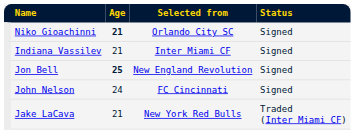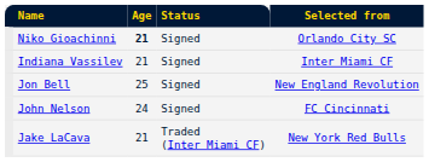 <table cellpadding="5" cellspacing="0" style="color:#001837; font-size:90%; text-align:center; border: 0; background-color:#f4f4f4;">
 <tr>
 <th style="border: 0; border-left: 9px solid #001837; background:#001837; color:#ffd901; text-align:left;border-top-left-radius: 10px;">Name</th>
 <th style="background:#001837; color:#ffd901; text-align:center; border: 0;">Age</th>
+<th style="background:#001837; color:#ffd901; text-align:left; border: 0; border-top-right-radius: 10px;">Status</th>
 <th style="background:#001837; color:#ffd901; text-align:center; border: 0;">Selected from</th>
-<th style="background:#001837; color:#ffd901; text-align:left; border: 0; border-top-right-radius: 10px;">Status</th>
 </tr>
 <tr>
 <td align="left" style="border-bottom:1px solid #dfdfdf; border-left: 9px solid #ececec"> <a href='#'>Niko Gioachinni</a></td>
 <td style="border-bottom:1px solid #dfdfdf; white-space: nowrap;" align="center"><strong>21</strong></td>
+<td style="border-bottom:1px solid #dfdfdf; white-space: nowrap;" align="left">Signed</td>
 <td style="border-bottom:1px solid #dfdfdf; white-space: nowrap;" align="center"><a href='#'>Orlando City SC</a></td>
-<td style="border-bottom:1px solid #dfdfdf; white-space: nowrap;" align="left">Signed</td>
 </tr>
 <tr>
 <td align="left" style="border-bottom:1px solid #dfdfdf; border-left: 9px solid #ececec"> <a href='#'>Indiana Vassilev</a></td>
 <td style="border-bottom:1px solid #dfdfdf; white-space: nowrap;" align="center">21</td>
+<td style="border-bottom:1px solid #dfdfdf; white-space: nowrap;" align="left">Signed</td>
 <td style="border-bottom:1px solid #dfdfdf; white-space: nowrap;" align="center"><a href='#'>Inter Miami CF</a></td>
-<td style="border-bottom:1px solid #dfdfdf; white-space: nowrap;" align="left">Signed</td>
 </tr>
 <tr>
 <td align="left" style="border-bottom:1px solid #dfdfdf; border-left: 9px solid #ececec"> <a href='#'>Jon Bell</a></td>
-<td style="border-bottom:1px solid #dfdfdf; white-space: nowrap;" align="center"><strong>25</strong></td>
+<td style="border-bottom:1px solid #dfdfdf; white-space: nowrap;" align="center">25</td>
+<td style="border-bottom:1px solid #dfdfdf; white-space: nowrap;" align="left">Signed</td>
 <td style="border-bottom:1px solid #dfdfdf; white-space: nowrap;" align="center"><a href='#'>New England Revolution</a></td>
-<td style="border-bottom:1px solid #dfdfdf; white-space: nowrap;" align="left">Signed</td>
 </tr>
 <tr>
 <td align="left" style="border-bottom:1px solid #dfdfdf; border-left: 9px solid #ececec"> <a href='#'>John Nelson</a></td>
 <td style="border-bottom:1px solid #dfdfdf; white-space: nowrap;" align="center">24</td>
+<td style="border-bottom:1px solid #dfdfdf; white-space: nowrap;" align="left">Signed</td>
 <td style="border-bottom:1px solid #dfdfdf; white-space: nowrap;" align="center"><a href='#'>FC Cincinnati</a></td>
-<td style="border-bottom:1px solid #dfdfdf; white-space: nowrap;" align="left">Signed</td>
 </tr>
 <tr>
 <td align="left" style="border-bottom:1px solid #dfdfdf; border-left: 9px solid #ececec"> <a href='#'>Jake LaCava</a></td>
 <td style="border-bottom:1px solid #dfdfdf; white-space: nowrap;" align="center">21</td>
+<td style="border-bottom:1px solid #dfdfdf; white-space: nowrap;" align="left">Traded<br>(<a href='#'>Inter Miami CF</a>)</td>
 <td style="border-bottom:1px solid #dfdfdf; white-space: nowrap;" align="center"><a href='#'>New York Red Bulls</a></td>
-<td style="border-bottom:1px solid #dfdfdf; white-space: nowrap;" align="left">Traded<br>(<a href='#'>Inter Miami CF</a>)</td>
 </tr>
 </table>
